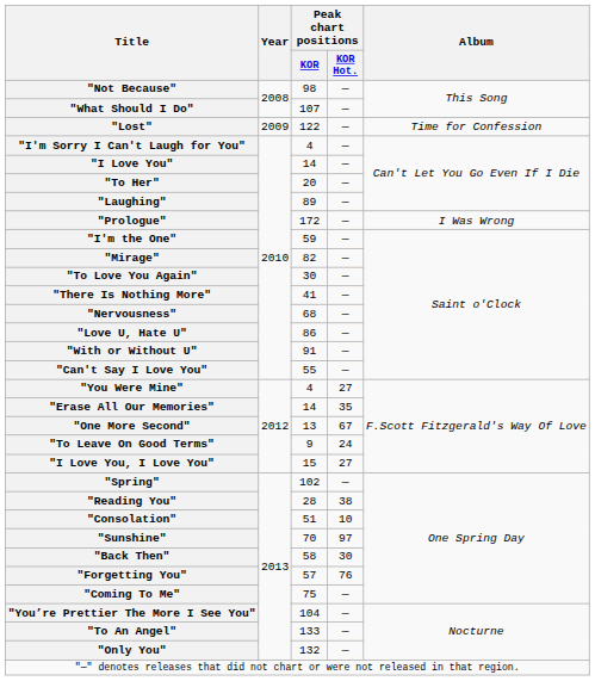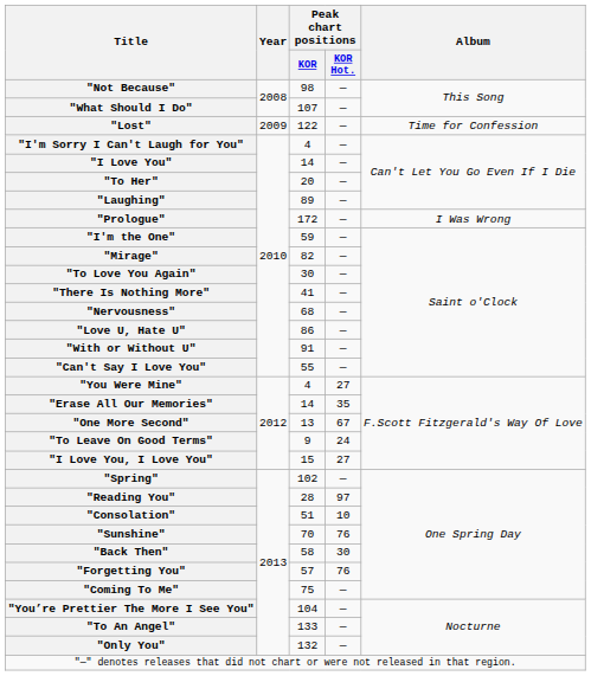 <table class="wikitable plainrowheaders" style="text-align:center;">
 <tr>
 <th scope="col" rowspan="2">Title</th>
 <th scope="col" rowspan="2">Year</th>
 <th scope="col" colspan="2">Peak chart positions</th>
 <th scope="col" rowspan="2">Album</th>
 </tr>
 <tr>
 <th scope="col" style="width:3em;font-size:90%"><a href='#'>KOR</a><br></th>
 <th scope="col" style="width:3em;font-size:90%"><a href='#'>KOR Hot.</a><br></th>
 </tr>
 <tr>
 <th scope="row">"Not Because"</th>
 <td rowspan="2">2008</td>
 <td>98</td>
 <td>—</td>
 <td rowspan="2"><em>This Song</em></td>
 </tr>
 <tr>
 <th scope="row">"What Should I Do"</th>
 <td>107</td>
 <td>—</td>
 </tr>
 <tr>
 <th scope="row">"Lost"</th>
 <td>2009</td>
 <td>122</td>
 <td>—</td>
 <td><em>Time for Confession</em></td>
 </tr>
 <tr>
 <th scope="row">"I'm Sorry I Can't Laugh for You"</th>
 <td rowspan="13">2010</td>
 <td>4</td>
 <td>—</td>
 <td rowspan="4"><em>Can't Let You Go Even If I Die</em></td>
 </tr>
 <tr>
 <th scope="row">"I Love You"</th>
 <td>14</td>
 <td>—</td>
 </tr>
 <tr>
 <th scope="row">"To Her"</th>
 <td>20</td>
 <td>—</td>
 </tr>
 <tr>
 <th scope="row">"Laughing"</th>
 <td>89</td>
 <td>—</td>
 </tr>
 <tr>
 <th scope="row">"Prologue"</th>
 <td>172</td>
 <td>—</td>
 <td><em>I Was Wrong</em></td>
 </tr>
 <tr>
 <th scope="row">"I'm the One"</th>
 <td>59</td>
 <td>—</td>
 <td rowspan="8"><em>Saint o'Clock</em></td>
 </tr>
 <tr>
 <th scope="row">"Mirage"</th>
 <td>82</td>
 <td>—</td>
 </tr>
 <tr>
 <th scope="row">"To Love You Again"</th>
 <td>30</td>
 <td>—</td>
 </tr>
 <tr>
 <th scope="row">"There Is Nothing More"</th>
 <td>41</td>
 <td>—</td>
 </tr>
 <tr>
 <th scope="row">"Nervousness"</th>
 <td>68</td>
 <td>—</td>
 </tr>
 <tr>
 <th scope="row">"Love U, Hate U"</th>
 <td>86</td>
 <td>—</td>
 </tr>
 <tr>
 <th scope="row">"With or Without U"</th>
 <td>91</td>
 <td>—</td>
 </tr>
 <tr>
 <th scope="row">"Can't Say I Love You"</th>
 <td>55</td>
 <td>—</td>
 </tr>
 <tr>
 <th scope="row">"You Were Mine"</th>
 <td rowspan="5">2012</td>
 <td>4</td>
 <td>27</td>
 <td rowspan="5"><em>F.Scott Fitzgerald's Way Of Love</em></td>
 </tr>
 <tr>
 <th scope="row">"Erase All Our Memories"</th>
 <td>14</td>
 <td>35</td>
 </tr>
 <tr>
 <th scope="row">"One More Second"</th>
 <td>13</td>
 <td>67</td>
 </tr>
 <tr>
 <th scope="row">"To Leave On Good Terms"</th>
 <td>9</td>
 <td>24</td>
 </tr>
 <tr>
 <th scope="row">"I Love You, I Love You"</th>
 <td>15</td>
 <td>27</td>
 </tr>
 <tr>
 <th scope="row">"Spring"</th>
 <td rowspan="10">2013</td>
 <td>102</td>
 <td>—</td>
 <td rowspan="7"><em>One Spring Day</em></td>
 </tr>
 <tr>
 <th scope="row">"Reading You"</th>
 <td>28</td>
-<td>38</td>
+<td>97</td>
 </tr>
 <tr>
 <th scope="row">"Consolation"</th>
 <td>51</td>
 <td>10</td>
 </tr>
 <tr>
 <th scope="row">"Sunshine"</th>
 <td>70</td>
-<td>97</td>
+<td>76</td>
 </tr>
 <tr>
 <th scope="row">"Back Then"</th>
 <td>58</td>
 <td>30</td>
 </tr>
 <tr>
 <th scope="row">"Forgetting You"</th>
 <td>57</td>
 <td>76</td>
 </tr>
 <tr>
 <th scope="row">"Coming To Me"</th>
 <td>75</td>
 <td>—</td>
 </tr>
 <tr>
 <th scope="row">"You’re Prettier The More I See You"</th>
 <td>104</td>
 <td>—</td>
 <td rowspan="3"><em>Nocturne</em></td>
 </tr>
 <tr>
 <th scope="row">"To An Angel"</th>
 <td>133</td>
 <td>—</td>
 </tr>
 <tr>
 <th scope="row">"Only You"</th>
 <td>132</td>
 <td>—</td>
 </tr>
 <tr>
 <td colspan="5" style="font-size:85%">"—" denotes releases that did not chart or were not released in that region.</td>
 </tr>
 </table>
